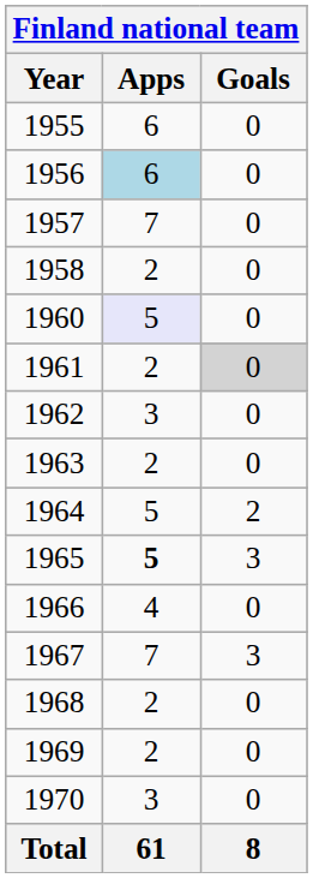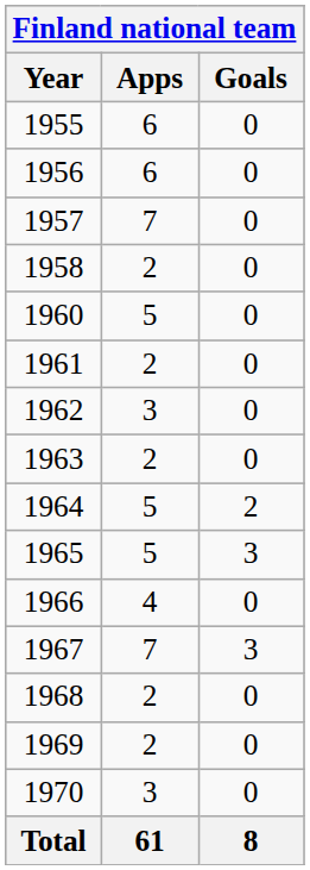 <table class="wikitable" style="text-align:center">
 <tr>
 <th colspan=3><a href='#'>Finland national team</a></th>
 </tr>
 <tr>
 <th>Year</th>
 <th>Apps</th>
 <th>Goals</th>
 </tr>
 <tr>
 <td>1955</td>
 <td>6</td>
 <td>0</td>
 </tr>
 <tr>
 <td>1956</td>
-<td style="background: lightblue;">6</td>
+<td>6</td>
 <td>0</td>
 </tr>
 <tr>
 <td>1957</td>
 <td>7</td>
 <td>0</td>
 </tr>
 <tr>
 <td>1958</td>
 <td>2</td>
 <td>0</td>
 </tr>
 <tr>
 <td>1960</td>
-<td style="background: lavender;">5</td>
+<td>5</td>
 <td>0</td>
 </tr>
 <tr>
 <td>1961</td>
 <td>2</td>
-<td style="background: lightgrey;">0</td>
+<td>0</td>
 </tr>
 <tr>
 <td>1962</td>
 <td>3</td>
 <td>0</td>
 </tr>
 <tr>
 <td>1963</td>
 <td>2</td>
 <td>0</td>
 </tr>
 <tr>
 <td>1964</td>
 <td>5</td>
 <td>2</td>
 </tr>
 <tr>
 <td>1965</td>
-<td><strong>5</strong></td>
+<td>5</td>
 <td>3</td>
 </tr>
 <tr>
 <td>1966</td>
 <td>4</td>
 <td>0</td>
 </tr>
 <tr>
 <td>1967</td>
 <td>7</td>
 <td>3</td>
 </tr>
 <tr>
 <td>1968</td>
 <td>2</td>
 <td>0</td>
 </tr>
 <tr>
 <td>1969</td>
 <td>2</td>
 <td>0</td>
 </tr>
 <tr>
 <td>1970</td>
 <td>3</td>
 <td>0</td>
 </tr>
 <tr>
 <th>Total</th>
 <th>61</th>
 <th>8</th>
 </tr>
 </table>
